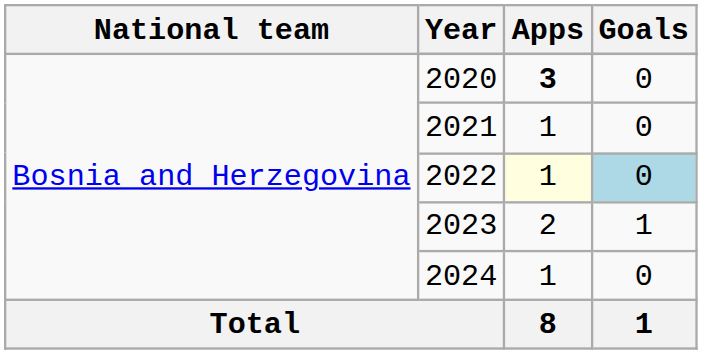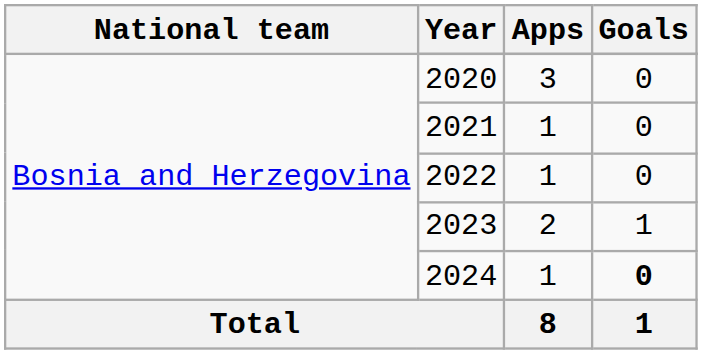 <table class="wikitable" style="text-align:center">
 <tr>
 <th>National team</th>
 <th>Year</th>
 <th>Apps</th>
 <th>Goals</th>
 </tr>
 <tr>
 <td rowspan=6><a href='#'>Bosnia and Herzegovina</a></td>
 </tr>
 <tr>
 <td>2020</td>
-<td><strong>3</strong></td>
+<td>3</td>
 <td>0</td>
 </tr>
 <tr>
 <td>2021</td>
 <td>1</td>
 <td>0</td>
 </tr>
 <tr>
 <td>2022</td>
-<td style="background: lightyellow;">1</td>
-<td style="background: lightblue;">0</td>
+<td>1</td>
+<td>0</td>
 </tr>
 <tr>
 <td>2023</td>
 <td>2</td>
 <td>1</td>
 </tr>
 <tr>
 <td>2024</td>
 <td>1</td>
-<td>0</td>
+<td><strong>0</strong></td>
 </tr>
 <tr>
 <th colspan=2>Total</th>
 <th>8</th>
 <th>1</th>
 </tr>
 </table>
